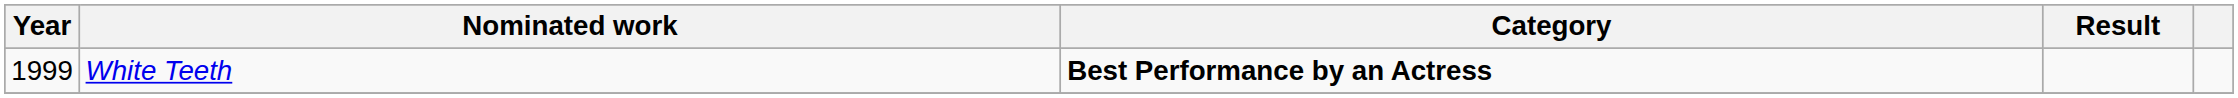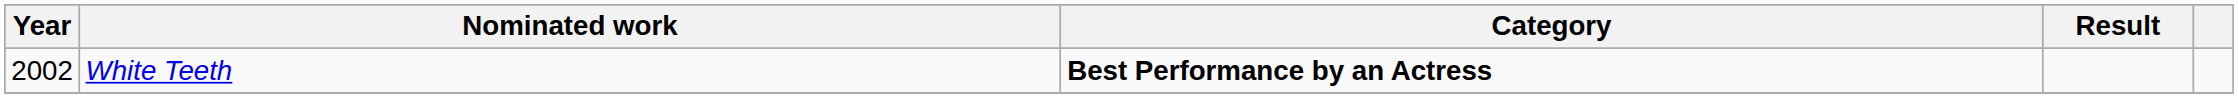 <table class="wikitable">
 <tr>
 <th scope="col" style="width:1em;">Year</th>
 <th scope="col" style="width:35em;">Nominated work</th>
 <th scope="col" style="width:35em;">Category</th>
 <th scope="col" style="width:5em;">Result</th>
 <th scope="col" style="width:1em;"></th>
 </tr>
 <tr>
-<td>1999</td>
+<td>2002</td>
 <td><em><a href='#'>White Teeth</a></em></td>
 <td><strong>Best Performance by an Actress</strong></td>
 <td></td>
 <td></td>
 </tr>
 <tr>
 </tr>
 </table>
